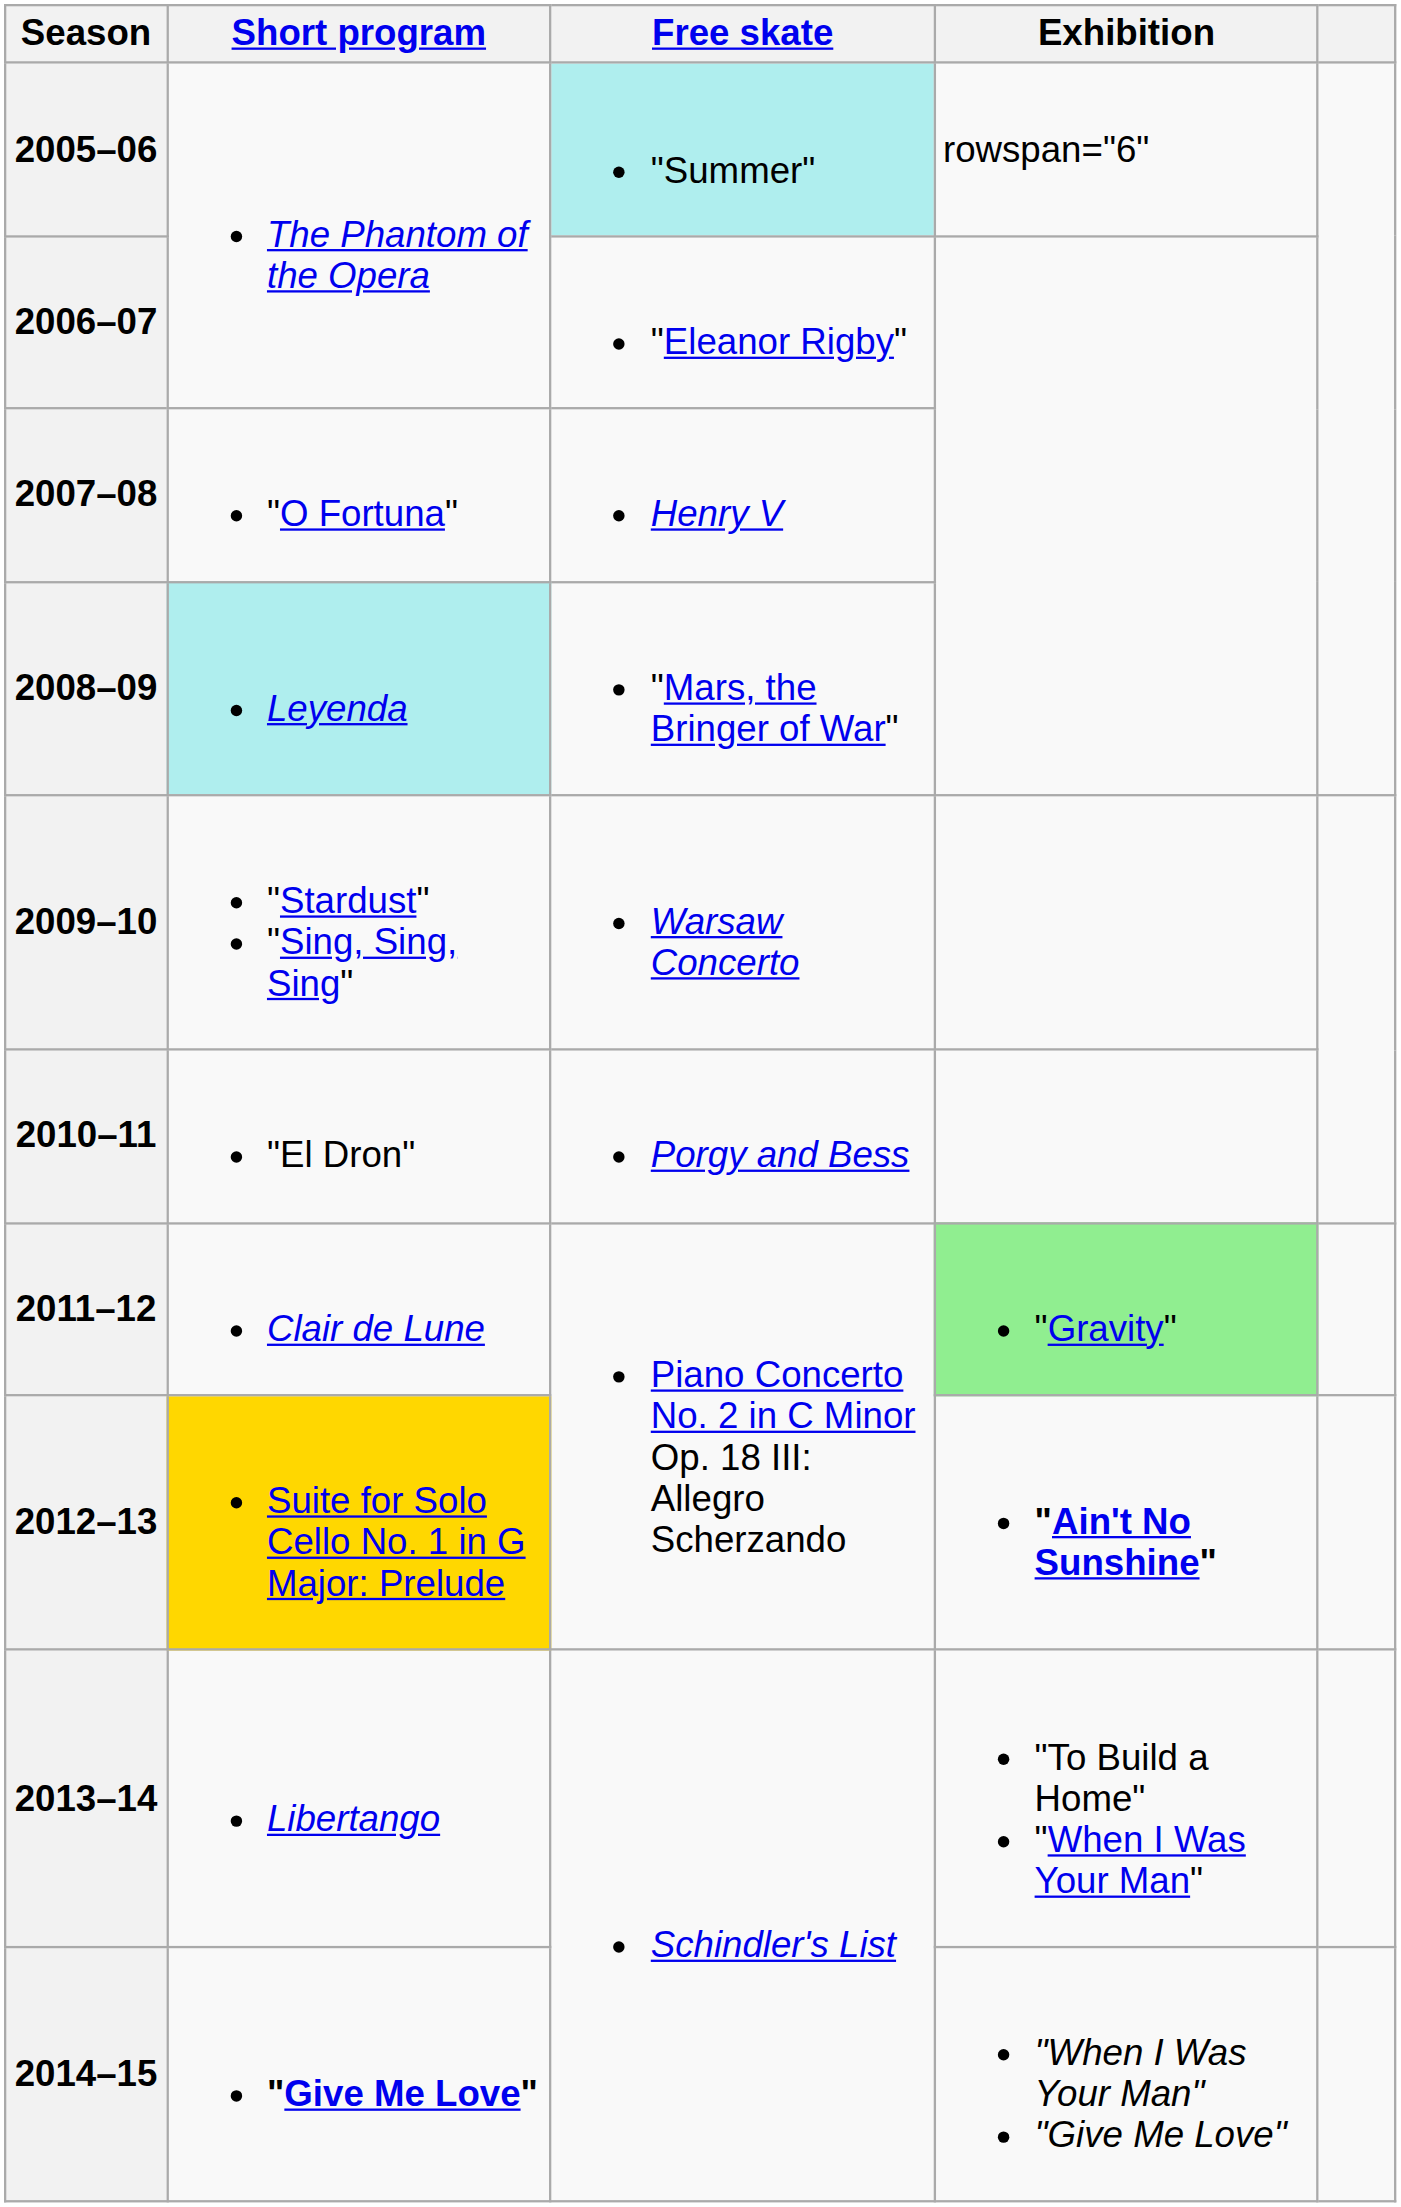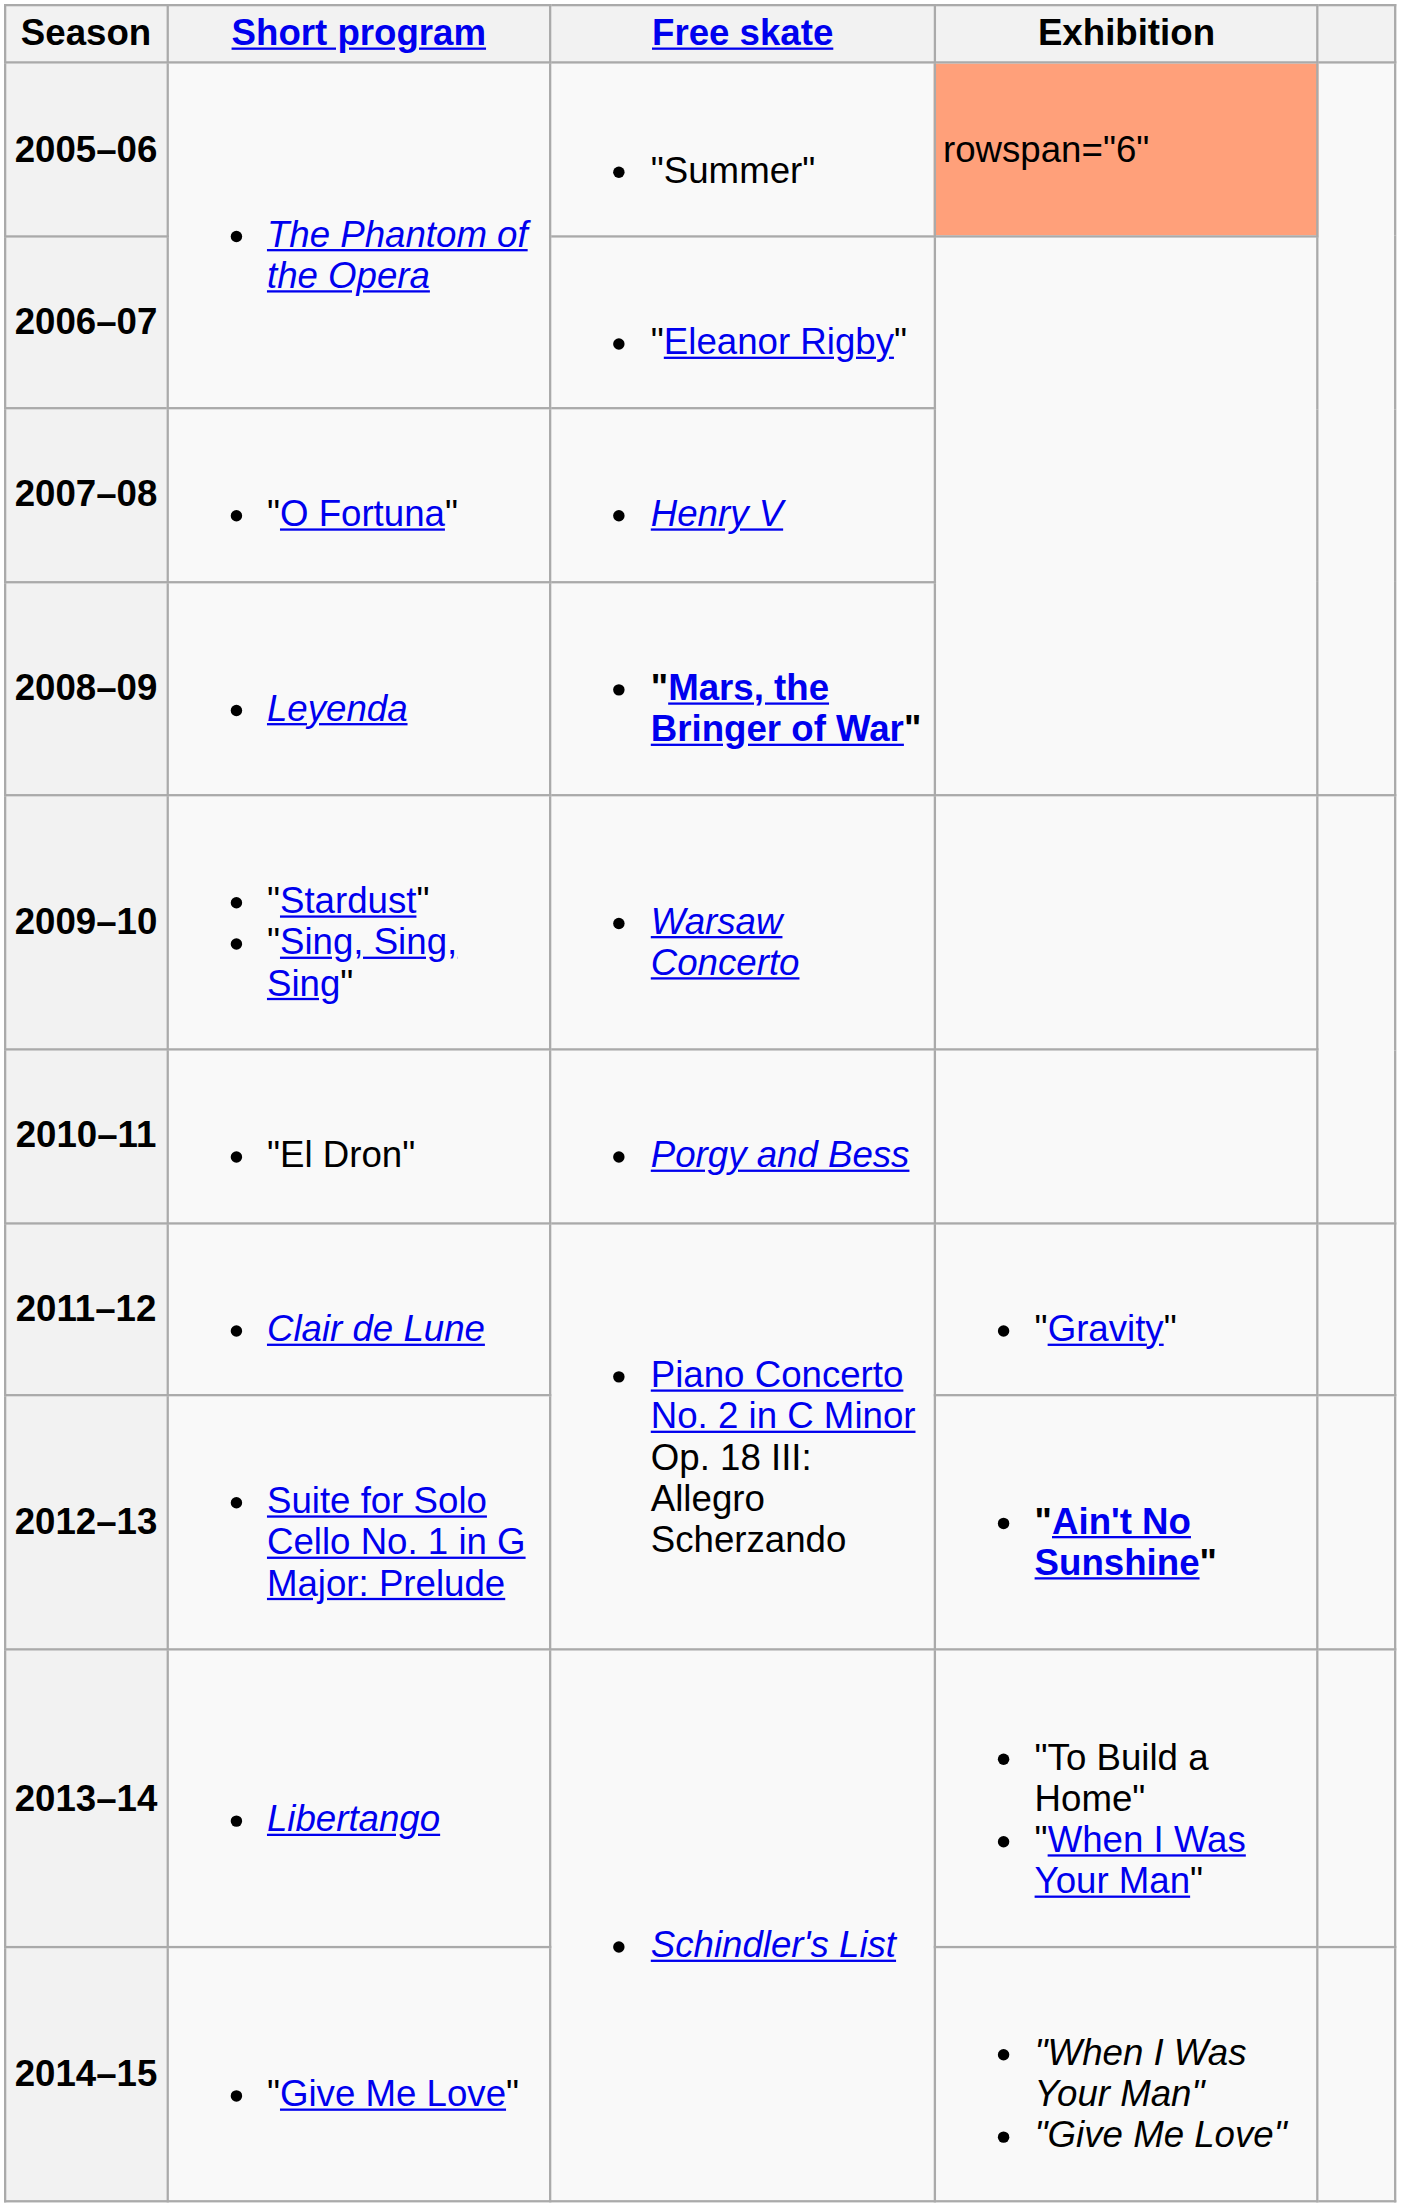 <table class="wikitable unsortable" style="text-align:left">
 <tr>
 <th scope="col" style="text-align:center; width:10%">Season</th>
 <th scope="col" style="text-align:center; width:25%"><a href='#'>Short program</a></th>
 <th scope="col" style="text-align:center; width:25%"><a href='#'>Free skate</a></th>
 <th scope="col" style="text-align:center; width:25%">Exhibition</th>
 <th scope="col" style="text-align:center; width:5%"></th>
 </tr>
 <tr>
 <th scope="row">2005–06</th>
 <td rowspan="2"><br><ul><li><em><a href='#'>The Phantom of the Opera</a></em><br></li></ul></td>
-<td style="background: paleturquoise;"><br><ul><li>"Summer"<br></li></ul></td>
-<td>rowspan="6" </td>
+<td><br><ul><li>"Summer"<br></li></ul></td>
+<td style="background: lightsalmon;">rowspan="6" </td>
 <td rowspan="4"></td>
 </tr>
 <tr>
 <th scope="row">2006–07</th>
 <td><br><ul><li>"<a href='#'>Eleanor Rigby</a>"<br></li></ul></td>
 </tr>
 <tr>
 <th scope="row">2007–08</th>
 <td><br><ul><li>"<a href='#'>O Fortuna</a>"<br></li></ul></td>
 <td><br><ul><li><em><a href='#'>Henry V</a></em><br></li></ul></td>
 </tr>
 <tr>
 <th scope="row">2008–09</th>
-<td style="background: paleturquoise;"><br><ul><li><em><a href='#'>Leyenda</a></em><br></li></ul></td>
-<td><br><ul><li>"<a href='#'>Mars, the Bringer of War</a>"<br></li></ul></td>
+<td><br><ul><li><em><a href='#'>Leyenda</a></em><br></li></ul></td>
+<td><strong><br><ul><li>"<a href='#'>Mars, the Bringer of War</a>"<br></li></ul></strong></td>
 </tr>
 <tr>
 <th scope="row">2009–10</th>
 <td><br><ul><li>"<a href='#'>Stardust</a>"<br></li><li>"<a href='#'>Sing, Sing, Sing</a>"<br></li></ul></td>
 <td><br><ul><li><em><a href='#'>Warsaw Concerto</a></em><br></li></ul></td>
 <td></td>
 </tr>
 <tr>
 <th scope="row">2010–11</th>
 <td><br><ul><li>"El Dron"<br></li></ul></td>
 <td><br><ul><li><em><a href='#'>Porgy and Bess</a></em><br></li></ul></td>
 <td></td>
 </tr>
 <tr>
 <th scope="row">2011–12</th>
 <td><br><ul><li><em><a href='#'>Clair de Lune</a></em><br></li></ul></td>
 <td rowspan="2"><br><ul><li><a href='#'>Piano Concerto No. 2 in C Minor</a><br>Op. 18 III: Allegro Scherzando<br></li></ul></td>
-<td style="background: lightgreen;"><br><ul><li>"<a href='#'>Gravity</a>"<br></li></ul></td>
+<td><br><ul><li>"<a href='#'>Gravity</a>"<br></li></ul></td>
 <td></td>
 </tr>
 <tr>
 <th scope="row">2012–13</th>
-<td style="background: gold;"><br><ul><li><a href='#'>Suite for Solo Cello No. 1 in G Major: Prelude</a><br></li></ul></td>
+<td><br><ul><li><a href='#'>Suite for Solo Cello No. 1 in G Major: Prelude</a><br></li></ul></td>
 <td><strong><br><ul><li>"<a href='#'>Ain't No Sunshine</a>"<br></li></ul></strong></td>
 <td></td>
 </tr>
 <tr>
 <th scope="row">2013–14</th>
 <td><br><ul><li><em><a href='#'>Libertango</a></em><br></li></ul></td>
 <td rowspan="2"><br><ul><li><em><a href='#'>Schindler's List</a></em><br></li></ul></td>
 <td><br><ul><li>"To Build a Home"<br></li><li>"<a href='#'>When I Was Your Man</a>"<br></li></ul></td>
 <td></td>
 </tr>
 <tr>
 <th scope="row">2014–15</th>
-<td><strong><br><ul><li>"<a href='#'>Give Me Love</a>"<br></li></ul></strong></td>
+<td><br><ul><li>"<a href='#'>Give Me Love</a>"<br></li></ul></td>
 <td><br><ul><li><em>"When I Was Your Man"</em></li><li><em>"Give Me Love"</em></li></ul></td>
 <td></td>
 </tr>
 </table>
